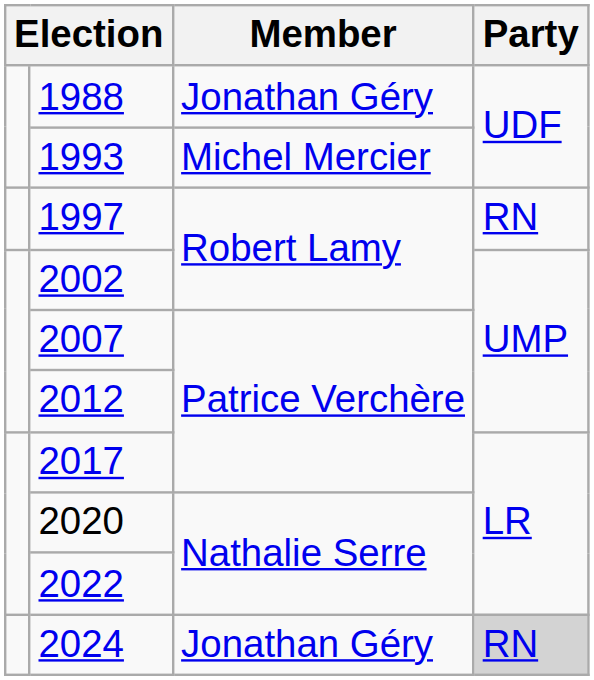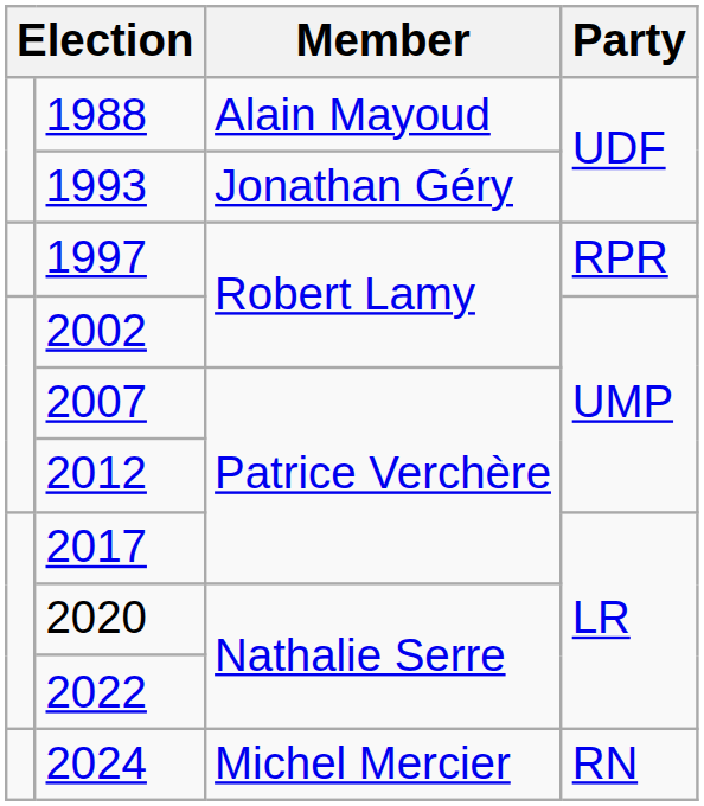 <table class="wikitable">
 <tr>
 <th colspan=2>Election</th>
 <th>Member</th>
 <th>Party</th>
 </tr>
 <tr>
 <td rowspan="2" style="background-color: "></td>
 <td><a href='#'>1988</a></td>
-<td><a href='#'>Jonathan Géry</a></td>
+<td><a href='#'>Alain Mayoud</a></td>
 <td rowspan="2"><a href='#'>UDF</a></td>
 </tr>
 <tr>
 <td><a href='#'>1993</a></td>
-<td><a href='#'>Michel Mercier</a></td>
+<td><a href='#'>Jonathan Géry</a></td>
 </tr>
 <tr>
 <td style="background-color: "></td>
 <td><a href='#'>1997</a></td>
 <td rowspan="2"><a href='#'>Robert Lamy</a></td>
-<td><a href='#'>RN</a></td>
+<td><a href='#'>RPR</a></td>
 </tr>
 <tr>
 <td rowspan="3" style="background-color: "></td>
 <td><a href='#'>2002</a></td>
 <td rowspan="3"><a href='#'>UMP</a></td>
 </tr>
 <tr>
 <td><a href='#'>2007</a></td>
 <td rowspan="3"><a href='#'>Patrice Verchère</a></td>
 </tr>
 <tr>
 <td><a href='#'>2012</a></td>
 </tr>
 <tr>
 <td rowspan="3" style="background-color: "></td>
 <td><a href='#'>2017</a></td>
 <td rowspan="3"><a href='#'>LR</a></td>
 </tr>
 <tr>
 <td>2020</td>
 <td rowspan="2"><a href='#'>Nathalie Serre</a></td>
 </tr>
 <tr>
 <td><a href='#'>2022</a></td>
 </tr>
 <tr>
 <td style="background-color: "></td>
 <td><a href='#'>2024</a></td>
-<td><a href='#'>Jonathan Géry</a></td>
-<td style="background: lightgrey;"><a href='#'>RN</a></td>
+<td><a href='#'>Michel Mercier</a></td>
+<td><a href='#'>RN</a></td>
 </tr>
 </table>
